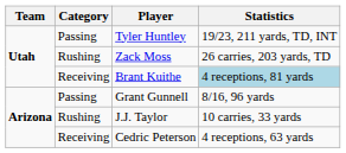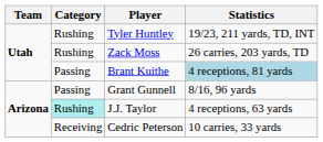 <table class="wikitable" style="float: right;">
 <tr>
 <th>Team</th>
 <th>Category</th>
 <th>Player</th>
 <th>Statistics</th>
 </tr>
 <tr>
 <td rowspan=3><strong>Utah</strong></td>
-<td>Passing</td>
+<td>Rushing</td>
 <td><a href='#'>Tyler Huntley</a></td>
 <td>19/23, 211 yards, TD, INT</td>
 </tr>
 <tr>
 <td>Rushing</td>
 <td><a href='#'>Zack Moss</a></td>
 <td>26 carries, 203 yards, TD</td>
 </tr>
 <tr>
-<td>Receiving</td>
+<td>Passing</td>
 <td><a href='#'>Brant Kuithe</a></td>
 <td style="background: lightblue;">4 receptions, 81 yards</td>
 </tr>
 <tr>
 <td rowspan=3><strong>Arizona</strong></td>
 <td>Passing</td>
 <td>Grant Gunnell</td>
 <td>8/16, 96 yards</td>
 </tr>
 <tr>
-<td>Rushing</td>
+<td style="background: paleturquoise;">Rushing</td>
 <td>J.J. Taylor</td>
-<td>10 carries, 33 yards</td>
+<td>4 receptions, 63 yards</td>
 </tr>
 <tr>
 <td>Receiving</td>
 <td>Cedric Peterson</td>
-<td>4 receptions, 63 yards</td>
+<td>10 carries, 33 yards</td>
 </tr>
 </table>
